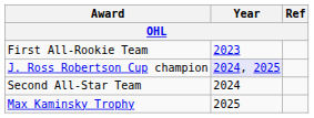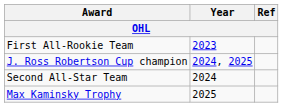 <table class="wikitable">
 <tr>
 <th>Award</th>
 <th>Year</th>
 <th>Ref</th>
 </tr>
 <tr>
 <th colspan="3"><a href='#'>OHL</a></th>
 </tr>
 <tr>
 <td>First All-Rookie Team</td>
 <td><a href='#'>2023</a></td>
 <td></td>
 </tr>
 <tr>
 <td><a href='#'>J. Ross Robertson Cup</a> champion</td>
-<td style="background: lavender;"><a href='#'>2024</a>, <a href='#'>2025</a></td>
+<td><a href='#'>2024</a>, <a href='#'>2025</a></td>
 <td></td>
 </tr>
 <tr>
 <td>Second All-Star Team</td>
 <td>2024</td>
 <td></td>
 </tr>
 <tr>
 <td><a href='#'>Max Kaminsky Trophy</a></td>
 <td>2025</td>
 <td></td>
 </tr>
 </table>
